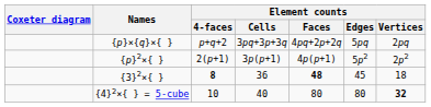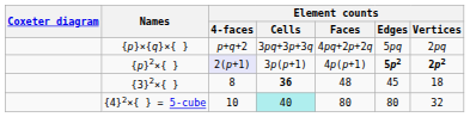 <table class="wikitable">
 <tr>
 <th rowspan=2><a href='#'>Coxeter diagram</a></th>
 <th rowspan=2>Names</th>
 <th colspan=6>Element counts</th>
 </tr>
 <tr>
 <th>4-faces</th>
 <th>Cells</th>
 <th>Faces</th>
 <th>Edges</th>
 <th>Vertices</th>
 </tr>
 <tr align=center>
 <td></td>
 <td>{<em>p</em>}×{<em>q</em>}×{ }</td>
 <td><em>p</em>+<em>q</em>+2</td>
 <td>3<em>pq</em>+3<em>p</em>+3<em>q</em></td>
 <td>4<em>pq</em>+2<em>p</em>+2<em>q</em></td>
 <td>5<em>pq</em></td>
 <td>2<em>pq</em></td>
 </tr>
 <tr align=center>
 <td></td>
 <td>{<em>p</em>}<sup>2</sup>×{ }</td>
-<td>2(<em>p</em>+1)</td>
+<td style="background: lavender;">2(<em>p</em>+1)</td>
 <td>3<em>p</em>(<em>p</em>+1)</td>
 <td>4<em>p</em>(<em>p</em>+1)</td>
-<td>5<em>p</em><sup>2</sup></td>
-<td>2<em>p</em><sup>2</sup></td>
+<td><strong>5<em>p</em><sup>2</sup></strong></td>
+<td><strong>2<em>p</em><sup>2</sup></strong></td>
 </tr>
 <tr align=center>
 <td></td>
 <td>{3}<sup>2</sup>×{ }</td>
-<td><strong>8</strong></td>
-<td>36</td>
-<td><strong>48</strong></td>
+<td>8</td>
+<td><strong>36</strong></td>
+<td>48</td>
 <td>45</td>
 <td>18</td>
 </tr>
 <tr align=center>
 <td></td>
 <td>{4}<sup>2</sup>×{ } = <a href='#'>5-cube</a></td>
 <td>10</td>
-<td>40</td>
+<td style="background: paleturquoise;">40</td>
 <td>80</td>
 <td>80</td>
-<td><strong>32</strong></td>
+<td>32</td>
 </tr>
 </table>
